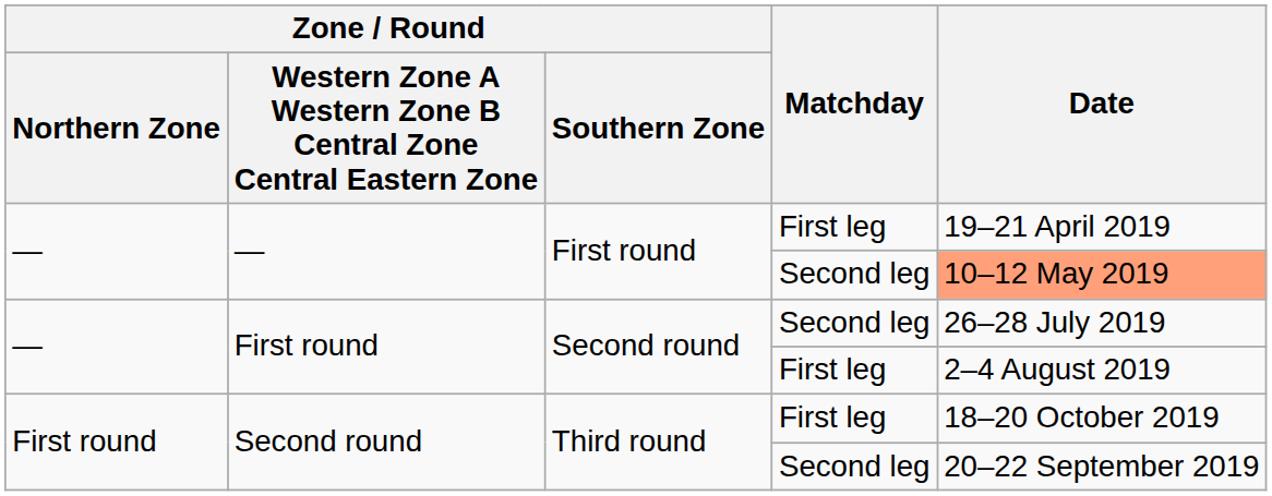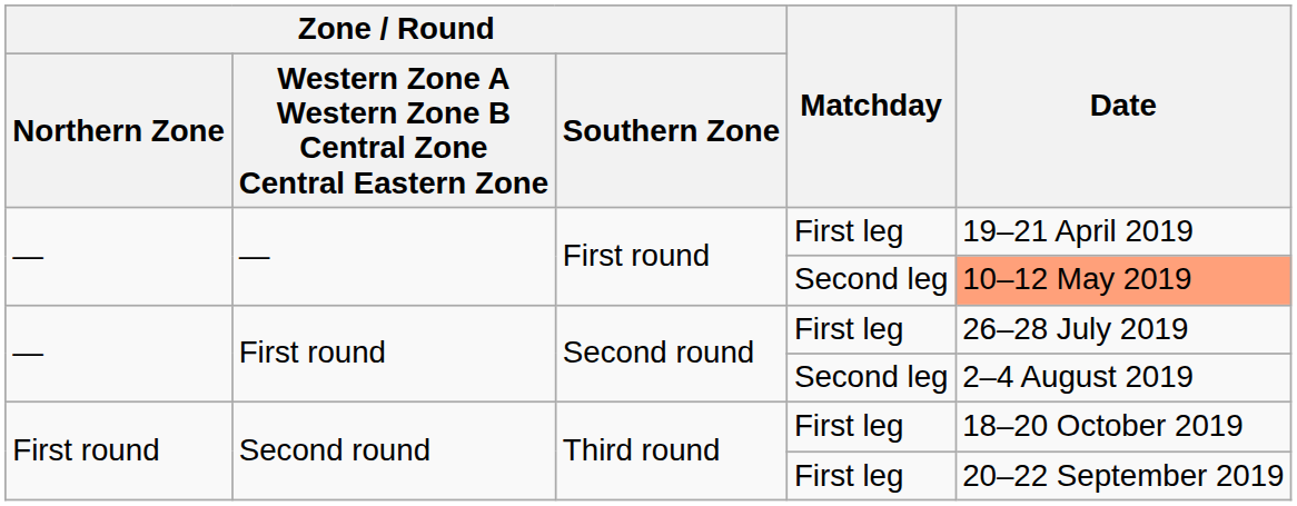 <table class="wikitable">
 <tr>
 <th colspan=3>Zone / Round</th>
 <th rowspan=2>Matchday</th>
 <th rowspan=2>Date</th>
 </tr>
 <tr>
 <th>Northern Zone</th>
 <th>Western Zone A<br>Western Zone B<br>Central Zone<br>Central Eastern Zone</th>
 <th>Southern Zone</th>
 </tr>
 <tr>
 <td rowspan=2>—</td>
 <td rowspan=2>—</td>
 <td rowspan=2>First round</td>
 <td>First leg</td>
 <td>19–21 April 2019</td>
 </tr>
 <tr>
 <td>Second leg</td>
 <td style="background: lightsalmon;">10–12 May 2019</td>
 </tr>
 <tr>
 <td rowspan=2>—</td>
 <td rowspan=2>First round</td>
 <td rowspan=2>Second round</td>
-<td>Second leg</td>
+<td>First leg</td>
 <td>26–28 July 2019</td>
 </tr>
 <tr>
-<td>First leg</td>
+<td>Second leg</td>
 <td>2–4 August 2019</td>
 </tr>
 <tr>
 <td rowspan=2>First round</td>
 <td rowspan=2>Second round</td>
 <td rowspan=2>Third round</td>
 <td>First leg</td>
 <td>18–20 October 2019</td>
 </tr>
 <tr>
-<td>Second leg</td>
+<td>First leg</td>
 <td>20–22 September 2019</td>
 </tr>
 </table>
